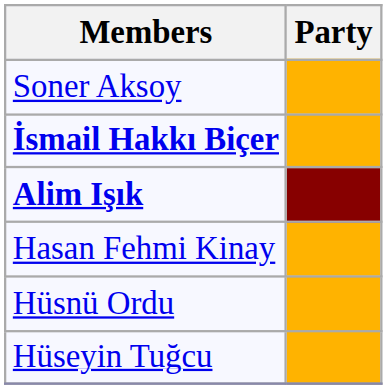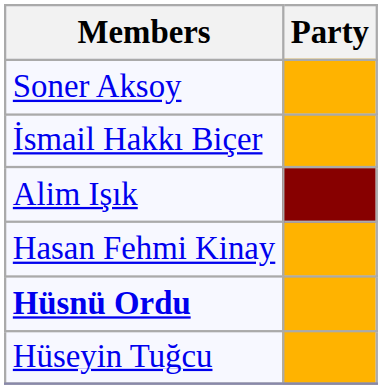 <table class=wikitable style="border:1px solid #8888aa; background-color:#f7f8ff; padding:0px; font-size:90%;">
 <tr>
 <th>Members</th>
 <th colspan="2">Party</th>
 </tr>
 <tr>
 <td><a href='#'>Soner Aksoy</a></td>
 <td style="background: #ffb300"></td>
 </tr>
 <tr>
-<td><strong><a href='#'>İsmail Hakkı Biçer</a></strong></td>
+<td><a href='#'>İsmail Hakkı Biçer</a></td>
 <td style="background: #ffb300"></td>
 </tr>
 <tr>
-<td><strong><a href='#'>Alim Işık</a></strong></td>
+<td><a href='#'>Alim Işık</a></td>
 <td style="background: #870000"></td>
 </tr>
 <tr>
 <td><a href='#'>Hasan Fehmi Kinay</a></td>
 <td style="background: #ffb300"></td>
 </tr>
 <tr>
-<td><a href='#'>Hüsnü Ordu</a></td>
+<td><strong><a href='#'>Hüsnü Ordu</a></strong></td>
 <td style="background: #ffb300"></td>
 </tr>
 <tr>
 <td><a href='#'>Hüseyin Tuğcu</a></td>
 <td style="background: #ffb300"></td>
 </tr>
 <tr>
 </tr>
 </table>
